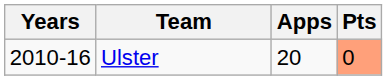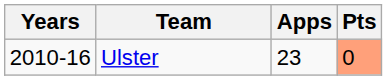 <table class="wikitable" style="text-align:left;">
 <tr>
 <th>Years</th>
 <th width=120px>Team</th>
 <th>Apps</th>
 <th>Pts</th>
 </tr>
 <tr>
 <td>2010-16</td>
 <td><a href='#'>Ulster</a></td>
-<td>20</td>
+<td>23</td>
 <td style="background: lightsalmon;">0</td>
 </tr>
 </table>
